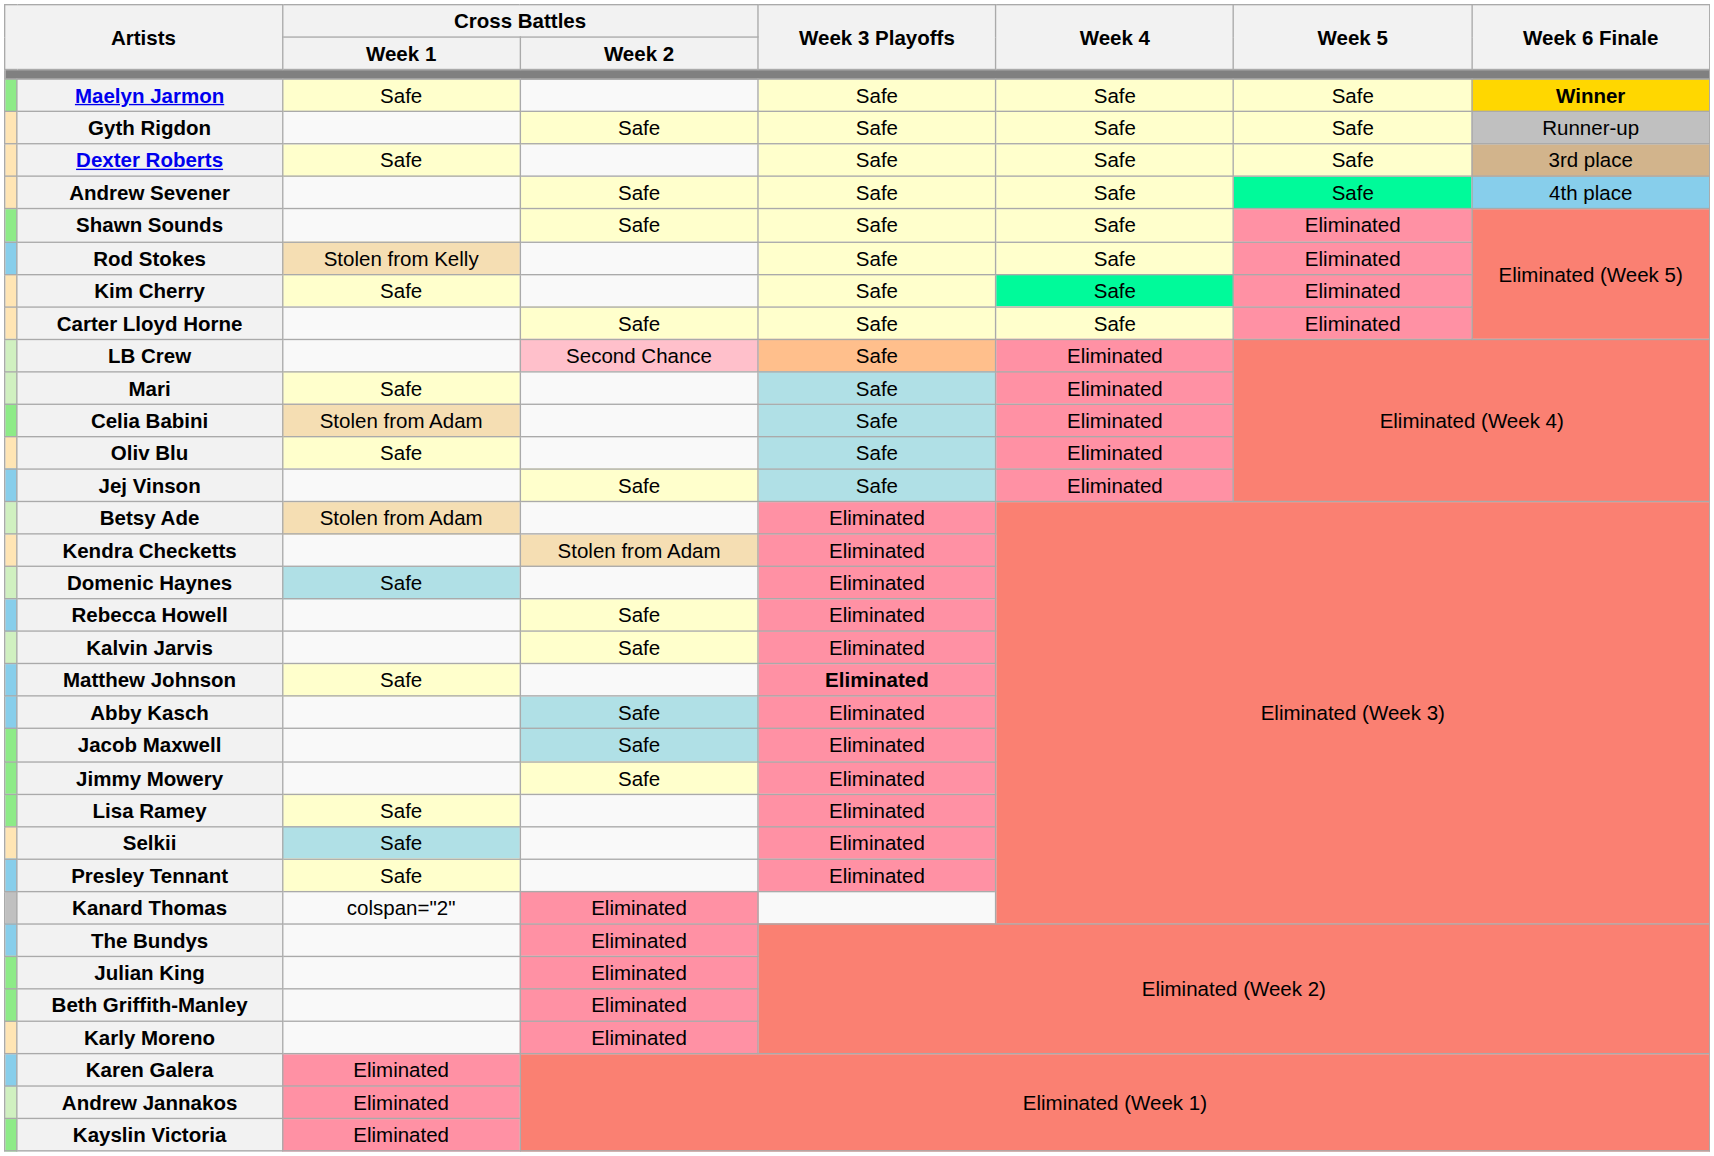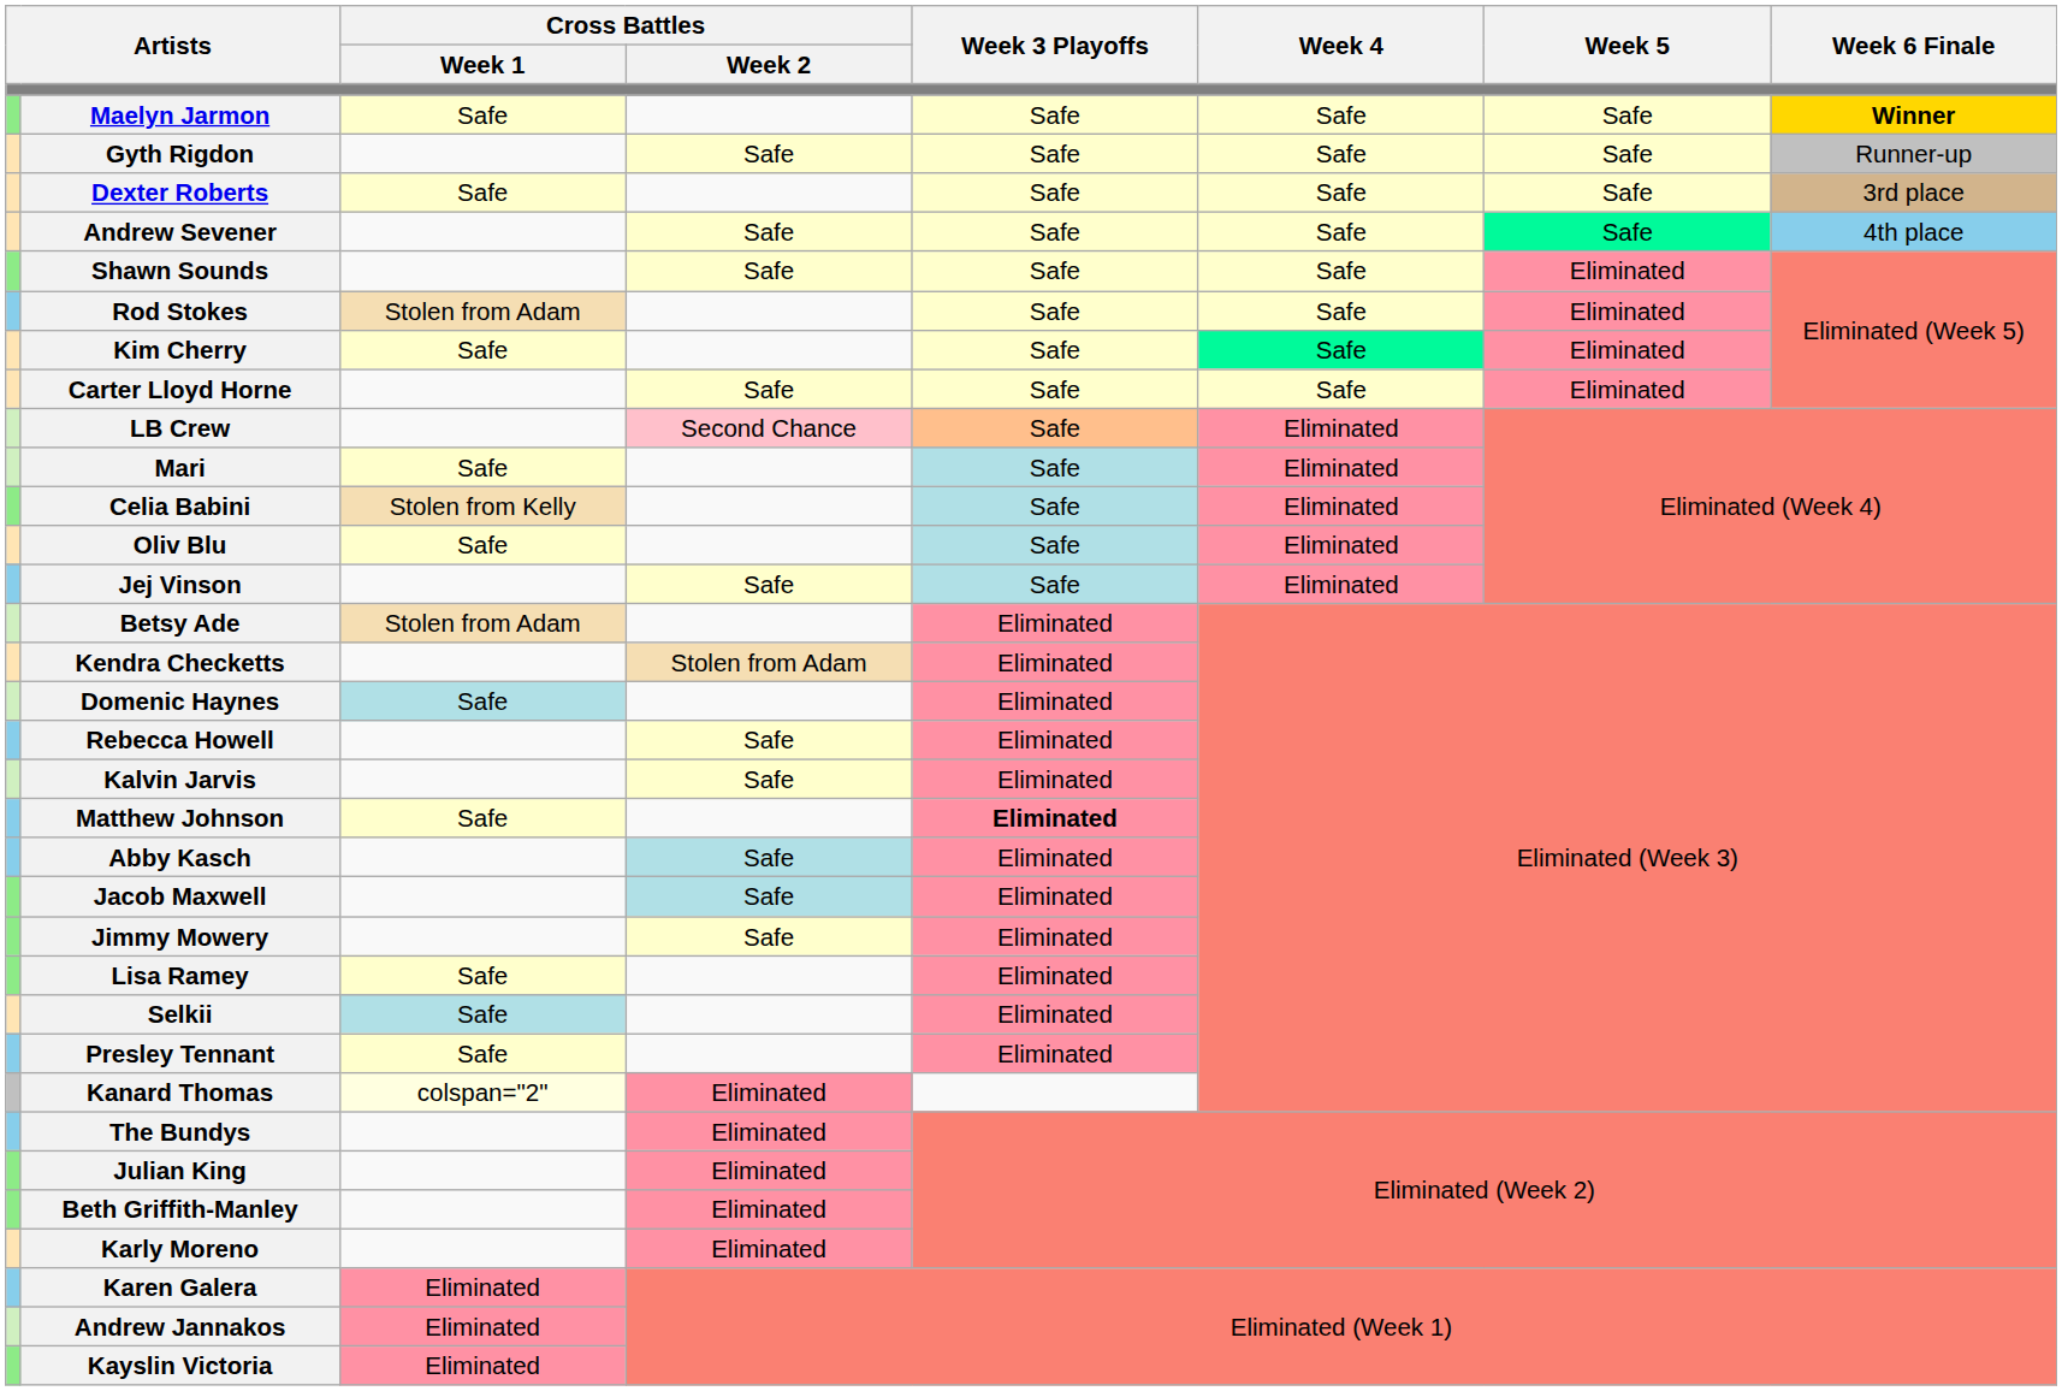 <table class="wikitable" style="text-align:center; font-size:95%; width:100%">
 <tr>
 <th colspan="2" rowspan="2" style="width:14%">Artists</th>
 <th colspan="2" style="width:24%">Cross Battles</th>
 <th rowspan="2" style="width:12%">Week 3 Playoffs</th>
 <th rowspan="2" style="width:12%">Week 4</th>
 <th rowspan="2" style="width:12%">Week 5</th>
 <th rowspan="2" style="width:12%">Week 6 Finale</th>
 </tr>
 <tr>
 <th style="width:12%">Week 1</th>
 <th style="width:12%">Week 2</th>
 </tr>
 <tr>
 <th colspan="10" style="background:gray"></th>
 </tr>
 <tr>
 <td style="background:#8deb87"></td>
 <th><a href='#'>Maelyn Jarmon</a></th>
 <td style="background:#FFFFCC">Safe</td>
 <td></td>
 <td style="background:#FFFFCC">Safe</td>
 <td style="background:#FFFFCC">Safe</td>
 <td style="background:#FFFFCC">Safe</td>
 <td style="background: gold"><strong>Winner</strong></td>
 </tr>
 <tr>
 <th style="background:#ffe5b4"></th>
 <th>Gyth Rigdon</th>
 <td></td>
 <td style="background:#FFFFCC">Safe</td>
 <td style="background:#FFFFCC">Safe</td>
 <td style="background:#FFFFCC">Safe</td>
 <td style="background:#FFFFCC">Safe</td>
 <td style="background: silver">Runner-up</td>
 </tr>
 <tr>
 <td style="background:#ffe5b4"></td>
 <th><a href='#'>Dexter Roberts</a></th>
 <td style="background:#FFFFCC">Safe</td>
 <td></td>
 <td style="background:#FFFFCC">Safe</td>
 <td style="background:#FFFFCC">Safe</td>
 <td style="background:#FFFFCC">Safe</td>
 <td style="background: tan">3rd place</td>
 </tr>
 <tr>
 <td style="background:#ffe5b4"></td>
 <th>Andrew Sevener</th>
 <td></td>
 <td style="background:#FFFFCC">Safe</td>
 <td style="background:#FFFFCC">Safe</td>
 <td style="background:#FFFFCC">Safe</td>
 <td style="background:#00fa9a">Safe</td>
 <td style="background: skyblue">4th place</td>
 </tr>
 <tr>
 <td style="background:#8deb87"></td>
 <th>Shawn Sounds</th>
 <td></td>
 <td style="background:#FFFFCC">Safe</td>
 <td style="background:#FFFFCC">Safe</td>
 <td style="background:#FFFFCC">Safe</td>
 <td style="background:#FF91A4">Eliminated</td>
 <td rowspan="4" colspan="3" style="background:salmon">Eliminated (Week 5)</td>
 </tr>
 <tr>
 <th style="background:#87ceeb"></th>
 <th>Rod Stokes</th>
-<td style="background:#F5DEB3">Stolen from Kelly</td>
+<td style="background:#F5DEB3">Stolen from Adam</td>
 <td></td>
 <td style="background:#FFFFCC">Safe</td>
 <td style="background:#FFFFCC">Safe</td>
 <td style="background:#FF91A4">Eliminated</td>
 </tr>
 <tr>
 <td style="background:#ffe5b4"></td>
 <th>Kim Cherry</th>
 <td style="background:#FFFFCC">Safe</td>
 <td></td>
 <td style="background:#FFFFCC">Safe</td>
 <td style="background:#00fa9a">Safe</td>
 <td style="background:#FF91A4">Eliminated</td>
 </tr>
 <tr>
 <td style="background:#ffe5b4"></td>
 <th>Carter Lloyd Horne</th>
 <td></td>
 <td style="background:#FFFFCC">Safe</td>
 <td style="background:#FFFFCC">Safe</td>
 <td style="background:#FFFFCC">Safe</td>
 <td style="background:#FF91A4">Eliminated</td>
 </tr>
 <tr>
 <th style="background:#d0f0c0"></th>
 <th>LB Crew</th>
 <td></td>
 <td style="background: pink">Second Chance</td>
 <td style="background:#FFBF8C">Safe</td>
 <td style="background:#FF91A4">Eliminated</td>
 <td rowspan="5" colspan="3" style="background:salmon">Eliminated (Week 4)</td>
 </tr>
 <tr>
 <th style="background:#d0f0c0"></th>
 <th>Mari</th>
 <td style="background:#FFFFCC">Safe</td>
 <td></td>
 <td style="background:#B0E0E6">Safe</td>
 <td style="background:#FF91A4">Eliminated</td>
 </tr>
 <tr>
 <td style="background:#8deb87"></td>
 <th>Celia Babini</th>
-<td style="background:#F5DEB3">Stolen from Adam</td>
+<td style="background:#F5DEB3">Stolen from Kelly</td>
 <td></td>
 <td style="background:#B0E0E6">Safe</td>
 <td style="background:#FF91A4">Eliminated</td>
 </tr>
 <tr>
 <td style="background:#ffe5b4"></td>
 <th>Oliv Blu</th>
 <td style="background:#FFFFCC">Safe</td>
 <td></td>
 <td style="background:#B0E0E6">Safe</td>
 <td style="background:#FF91A4">Eliminated</td>
 </tr>
 <tr>
 <th style="background:#87ceeb"></th>
 <th>Jej Vinson</th>
 <td></td>
 <td style="background:#FFFFCC">Safe</td>
 <td style="background:#B0E0E6">Safe</td>
 <td style="background:#FF91A4">Eliminated</td>
 </tr>
 <tr>
 <td style="background:#d0f0c0"></td>
 <th>Betsy Ade</th>
 <td style="background:#F5DEB3">Stolen from Adam</td>
 <td></td>
 <td style="background:#FF91A4">Eliminated</td>
 <td rowspan="13" colspan="5" style="background:salmon">Eliminated (Week 3)</td>
 </tr>
 <tr>
 <th style="background:#ffe5b4"></th>
 <th>Kendra Checketts</th>
 <td></td>
 <td style="background:#F5DEB3">Stolen from Adam</td>
 <td style="background:#FF91A4">Eliminated</td>
 </tr>
 <tr>
 <td style="background:#d0f0c0"></td>
 <th>Domenic Haynes</th>
 <td style="background:#B0E0E6">Safe</td>
 <td></td>
 <td style="background:#FF91A4">Eliminated</td>
 </tr>
 <tr>
 <th style="background:#87ceeb"></th>
 <th>Rebecca Howell</th>
 <td></td>
 <td style="background:#FFFFCC">Safe</td>
 <td style="background:#FF91A4">Eliminated</td>
 </tr>
 <tr>
 <th style="background:#d0f0c0"></th>
 <th>Kalvin Jarvis</th>
 <td></td>
 <td style="background:#FFFFCC">Safe</td>
 <td style="background:#FF91A4">Eliminated</td>
 </tr>
 <tr>
 <td style="background:#87ceeb"></td>
 <th>Matthew Johnson</th>
 <td style="background:#FFFFCC">Safe</td>
 <td></td>
 <td style="background:#FF91A4"><strong>Eliminated</strong></td>
 </tr>
 <tr>
 <th style="background:#87ceeb"></th>
 <th>Abby Kasch</th>
 <td></td>
 <td style="background:#B0E0E6">Safe</td>
 <td style="background:#FF91A4">Eliminated</td>
 </tr>
 <tr>
 <td style="background:#8deb87"></td>
 <th>Jacob Maxwell</th>
 <td></td>
 <td style="background:#B0E0E6">Safe</td>
 <td style="background:#FF91A4">Eliminated</td>
 </tr>
 <tr>
 <td style="background:#8deb87"></td>
 <th>Jimmy Mowery</th>
 <td></td>
 <td style="background:#FFFFCC">Safe</td>
 <td style="background:#FF91A4">Eliminated</td>
 </tr>
 <tr>
 <td style="background:#8deb87"></td>
 <th>Lisa Ramey</th>
 <td style="background:#FFFFCC">Safe</td>
 <td></td>
 <td style="background:#FF91A4">Eliminated</td>
 </tr>
 <tr>
 <td style="background:#ffe5b4"></td>
 <th>Selkii</th>
 <td style="background:#B0E0E6">Safe</td>
 <td></td>
 <td style="background:#FF91A4">Eliminated</td>
 </tr>
 <tr>
 <th style="background:#87ceeb"></th>
 <th>Presley Tennant</th>
 <td style="background:#FFFFCC">Safe</td>
 <td></td>
 <td style="background:#FF91A4">Eliminated</td>
 </tr>
 <tr>
 <th style="background: silver"></th>
 <th>Kanard Thomas</th>
-<td>colspan="2" </td>
+<td style="background: lightyellow;">colspan="2" </td>
 <td style="background:#FF91A4">Eliminated</td>
 </tr>
 <tr>
 <th style="background:#87ceeb"></th>
 <th>The Bundys</th>
 <td></td>
 <td style="background:#FF91A4">Eliminated</td>
 <td rowspan="4" colspan="5" style="background:salmon">Eliminated (Week 2)</td>
 </tr>
 <tr>
 <td style="background:#8deb87"></td>
 <th>Julian King</th>
 <td></td>
 <td style="background:#FF91A4">Eliminated</td>
 </tr>
 <tr>
 <td style="background:#8deb87"></td>
 <th>Beth Griffith-Manley</th>
 <td></td>
 <td style="background:#FF91A4">Eliminated</td>
 </tr>
 <tr>
 <td style="background:#ffe5b4"></td>
 <th>Karly Moreno</th>
 <td></td>
 <td style="background:#FF91A4">Eliminated</td>
 </tr>
 <tr>
 <th style="background:#87ceeb"></th>
 <th>Karen Galera</th>
 <td style="background:#FF91A4">Eliminated</td>
 <td rowspan="3" colspan="5" style="background:salmon">Eliminated (Week 1)</td>
 </tr>
 <tr>
 <th style="background:#d0f0c0"></th>
 <th>Andrew Jannakos</th>
 <td style="background:#FF91A4">Eliminated</td>
 </tr>
 <tr>
 <td style="background:#8deb87"></td>
 <th>Kayslin Victoria</th>
 <td style="background:#FF91A4">Eliminated</td>
 </tr>
 </table>
